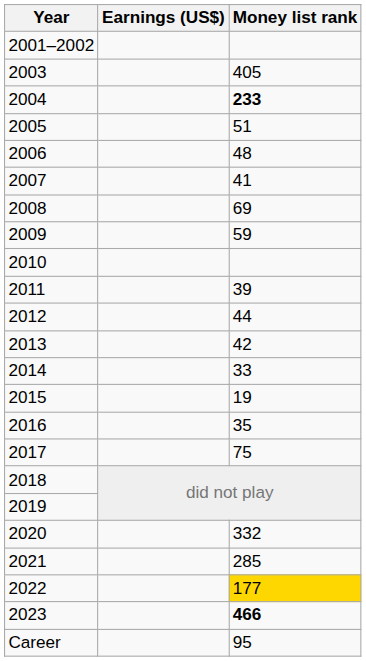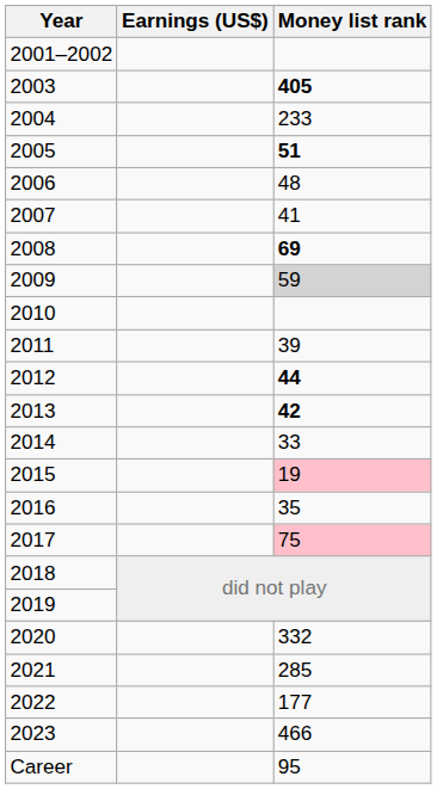 <table class="wikitable">
 <tr>
 <th>Year</th>
 <th>Earnings (US$)</th>
 <th>Money list rank</th>
 </tr>
 <tr>
 <td>2001–2002</td>
 <td align=right></td>
 <td></td>
 </tr>
 <tr>
 <td>2003</td>
 <td align=right></td>
-<td>405</td>
+<td><strong>405</strong></td>
 </tr>
 <tr>
 <td>2004</td>
 <td align=right></td>
-<td><strong>233</strong></td>
+<td>233</td>
 </tr>
 <tr>
 <td>2005</td>
 <td align=right></td>
-<td>51</td>
+<td><strong>51</strong></td>
 </tr>
 <tr>
 <td>2006</td>
 <td align=right></td>
 <td>48</td>
 </tr>
 <tr>
 <td>2007</td>
 <td align=right></td>
 <td>41</td>
 </tr>
 <tr>
 <td>2008</td>
 <td align=right></td>
-<td>69</td>
+<td><strong>69</strong></td>
 </tr>
 <tr>
 <td>2009</td>
 <td align=right></td>
-<td>59</td>
+<td style="background: lightgrey;">59</td>
 </tr>
 <tr>
 <td>2010</td>
 <td align=right></td>
 <td></td>
 </tr>
 <tr>
 <td>2011</td>
 <td align=right></td>
 <td>39</td>
 </tr>
 <tr>
 <td>2012</td>
 <td align=right></td>
-<td>44</td>
+<td><strong>44</strong></td>
 </tr>
 <tr>
 <td>2013</td>
 <td align=right></td>
-<td>42</td>
+<td><strong>42</strong></td>
 </tr>
 <tr>
 <td>2014</td>
 <td align=right></td>
 <td>33</td>
 </tr>
 <tr>
 <td>2015</td>
 <td align=right></td>
-<td>19</td>
+<td style="background: pink;">19</td>
 </tr>
 <tr>
 <td>2016</td>
 <td align=right></td>
 <td>35</td>
 </tr>
 <tr>
 <td>2017</td>
 <td align=right></td>
-<td>75</td>
+<td style="background: pink;">75</td>
 </tr>
 <tr>
 <td>2018</td>
 <td align=center colspan=2 rowspan=2 style="color:#767676; background:#efefef">did not play</td>
 </tr>
 <tr>
 <td>2019</td>
 </tr>
 <tr>
 <td>2020</td>
 <td align=right></td>
 <td>332</td>
 </tr>
 <tr>
 <td>2021</td>
 <td align=right></td>
 <td>285</td>
 </tr>
 <tr>
 <td>2022</td>
 <td align=right></td>
-<td style="background: gold;">177</td>
+<td>177</td>
 </tr>
 <tr>
 <td>2023</td>
 <td align=right></td>
-<td><strong>466</strong></td>
+<td>466</td>
 </tr>
 <tr>
 <td>Career</td>
 <td align=right></td>
 <td>95</td>
 </tr>
 </table>
